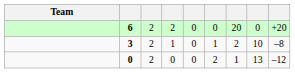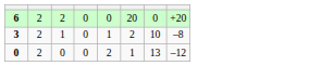 <table class="wikitable" style="text-align: center; font-size: 90%;">
 <tr>
-<th width="165">Team</th>
 <th width="25"></th>
 <th width="25"></th>
 <th width="25"></th>
 <th width="25"></th>
 <th width="25"></th>
 <th width="25"></th>
 <th width="25"></th>
 <th width="25"></th>
 </tr>
 <tr bgcolor=#ccffcc>
-<td align=left></td>
 <td><strong>6</strong></td>
 <td>2</td>
 <td>2</td>
 <td>0</td>
 <td>0</td>
 <td>20</td>
 <td>0</td>
 <td>+20</td>
 </tr>
 <tr>
-<td align=left></td>
 <td><strong>3</strong></td>
 <td>2</td>
 <td>1</td>
 <td>0</td>
 <td>1</td>
 <td>2</td>
 <td>10</td>
 <td>–8</td>
 </tr>
 <tr>
-<td align=left></td>
 <td><strong>0</strong></td>
 <td>2</td>
 <td>0</td>
 <td>0</td>
 <td>2</td>
 <td>1</td>
 <td>13</td>
 <td>–12</td>
 </tr>
 </table>
